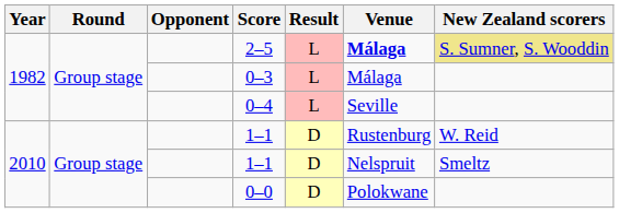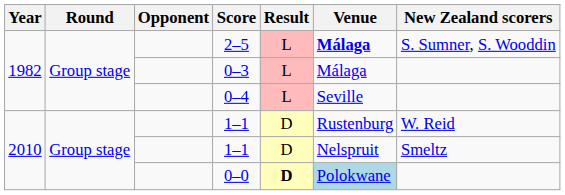 <table class="wikitable sortable" style="text-align:left;">
 <tr>
 <th>Year</th>
 <th>Round</th>
 <th>Opponent</th>
 <th>Score</th>
 <th>Result</th>
 <th>Venue</th>
 <th>New Zealand scorers</th>
 </tr>
 <tr>
 <td rowspan="3" align=center><a href='#'>1982</a></td>
 <td rowspan="3"><a href='#'>Group stage</a></td>
 <td></td>
 <td align=center><a href='#'>2–5</a></td>
 <td align=center bgcolor="#ffbbbb">L</td>
 <td><strong><a href='#'>Málaga</a></strong></td>
-<td style="background: khaki;"><a href='#'>S. Sumner</a>, <a href='#'>S. Wooddin</a></td>
+<td><a href='#'>S. Sumner</a>, <a href='#'>S. Wooddin</a></td>
 </tr>
 <tr>
 <td></td>
 <td align=center><a href='#'>0–3</a></td>
 <td align=center bgcolor="#ffbbbb">L</td>
 <td><a href='#'>Málaga</a></td>
 <td></td>
 </tr>
 <tr>
 <td></td>
 <td align=center><a href='#'>0–4</a></td>
 <td align=center bgcolor="#ffbbbb">L</td>
 <td><a href='#'>Seville</a></td>
 <td></td>
 </tr>
 <tr>
 <td rowspan="3" align=center><a href='#'>2010</a></td>
 <td rowspan="3"><a href='#'>Group stage</a></td>
 <td></td>
 <td align=center><a href='#'>1–1</a></td>
 <td align=center bgcolor="#ffffbb">D</td>
 <td><a href='#'>Rustenburg</a></td>
 <td><a href='#'>W. Reid</a></td>
 </tr>
 <tr>
 <td></td>
 <td align=center><a href='#'>1–1</a></td>
 <td align=center bgcolor="#ffffbb">D</td>
 <td><a href='#'>Nelspruit</a></td>
 <td><a href='#'>Smeltz</a></td>
 </tr>
 <tr>
 <td></td>
 <td align=center><a href='#'>0–0</a></td>
-<td align=center bgcolor="#ffffbb">D</td>
-<td><a href='#'>Polokwane</a></td>
+<td align=center bgcolor="#ffffbb"><strong>D</strong></td>
+<td style="background: lightblue;"><a href='#'>Polokwane</a></td>
 <td></td>
 </tr>
 </table>
